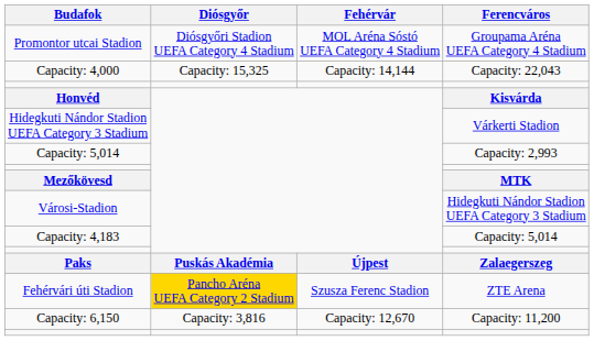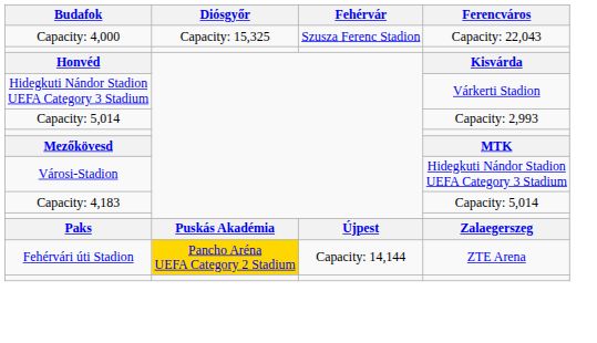 <table class="wikitable" style="text-align:center;">
 <tr>
 <th><a href='#'>Budafok</a></th>
 <th><a href='#'>Diósgyőr</a></th>
 <th><a href='#'>Fehérvár</a></th>
 <th><a href='#'>Ferencváros</a></th>
 </tr>
 <tr>
-<td><a href='#'>Promontor utcai Stadion</a></td>
-<td><a href='#'>Diósgyőri Stadion</a> <br><a href='#'>UEFA Category 4 Stadium</a></td>
-<td><a href='#'>MOL Aréna Sóstó</a> <br><a href='#'>UEFA Category 4 Stadium</a></td>
-<td><a href='#'>Groupama Aréna</a> <br><a href='#'>UEFA Category 4 Stadium</a></td>
-</tr>
-<tr>
 <td>Capacity: 4,000</td>
 <td>Capacity: 15,325</td>
-<td>Capacity: 14,144</td>
+<td><a href='#'>Szusza Ferenc Stadion</a></td>
 <td>Capacity: 22,043</td>
 </tr>
 <tr>
 <td></td>
 <td></td>
 <td></td>
 <td></td>
 </tr>
 <tr>
 <th><a href='#'>Honvéd</a></th>
 <td colspan="2" rowspan="8"><br> </td>
 <th><a href='#'>Kisvárda</a></th>
 </tr>
 <tr>
 <td><a href='#'>Hidegkuti Nándor Stadion</a> <br><a href='#'>UEFA Category 3 Stadium</a></td>
 <td><a href='#'>Várkerti Stadion</a></td>
 </tr>
 <tr>
 <td>Capacity: 5,014</td>
 <td>Capacity: 2,993</td>
 </tr>
 <tr>
 <td></td>
 <td></td>
 </tr>
 <tr>
 <th><a href='#'>Mezőkövesd</a></th>
 <th><a href='#'>MTK</a></th>
 </tr>
 <tr>
 <td><a href='#'>Városi-Stadion</a></td>
 <td><a href='#'>Hidegkuti Nándor Stadion</a><br><a href='#'>UEFA Category 3 Stadium</a></td>
 </tr>
 <tr>
 <td>Capacity: 4,183</td>
 <td>Capacity: 5,014</td>
 </tr>
 <tr>
 <td></td>
 <td></td>
 </tr>
 <tr>
 <th><a href='#'>Paks</a></th>
 <th><a href='#'>Puskás Akadémia</a></th>
 <th><a href='#'>Újpest</a></th>
 <th><a href='#'>Zalaegerszeg</a></th>
 </tr>
 <tr>
 <td><a href='#'>Fehérvári úti Stadion</a></td>
 <td style="background: gold;"><a href='#'>Pancho Aréna</a><br><a href='#'>UEFA Category 2 Stadium</a></td>
-<td><a href='#'>Szusza Ferenc Stadion</a></td>
+<td>Capacity: 14,144</td>
 <td><a href='#'>ZTE Arena</a></td>
-</tr>
-<tr>
-<td>Capacity: 6,150</td>
-<td>Capacity: 3,816</td>
-<td>Capacity: 12,670</td>
-<td>Capacity: 11,200</td>
 </tr>
 <tr>
 <td></td>
 <td></td>
 <td></td>
 <td></td>
 </tr>
 </table>
